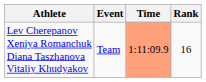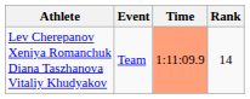 <table class=wikitable style="font-size:90%;">
 <tr>
 <th>Athlete</th>
 <th>Event</th>
 <th>Time</th>
 <th>Rank</th>
 </tr>
 <tr style="text-align:center">
 <td style="text-align:left"><a href='#'>Lev Cherepanov</a><br><a href='#'>Xeniya Romanchuk</a><br><a href='#'>Diana Taszhanova</a><br><a href='#'>Vitaliy Khudyakov</a></td>
 <td style="text-align:left"><a href='#'>Team</a></td>
 <td style="background: lightsalmon;">1:11:09.9</td>
-<td>16</td>
+<td>14</td>
 </tr>
 </table>
